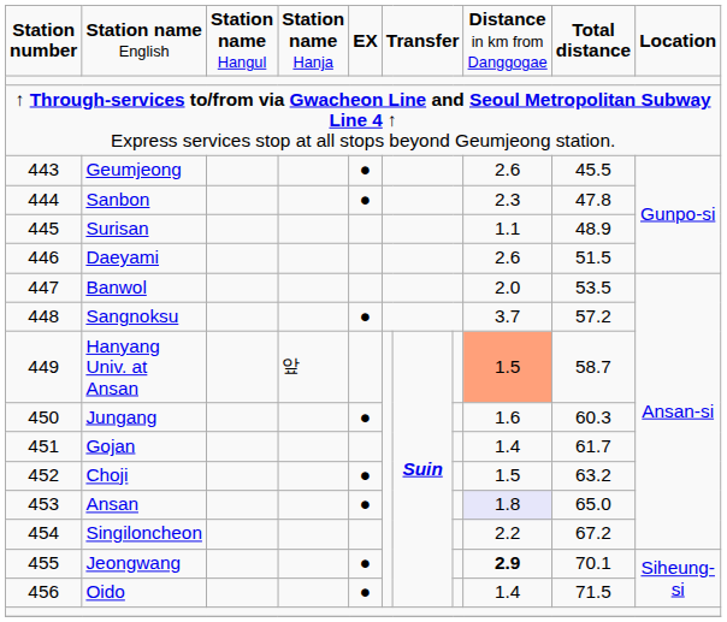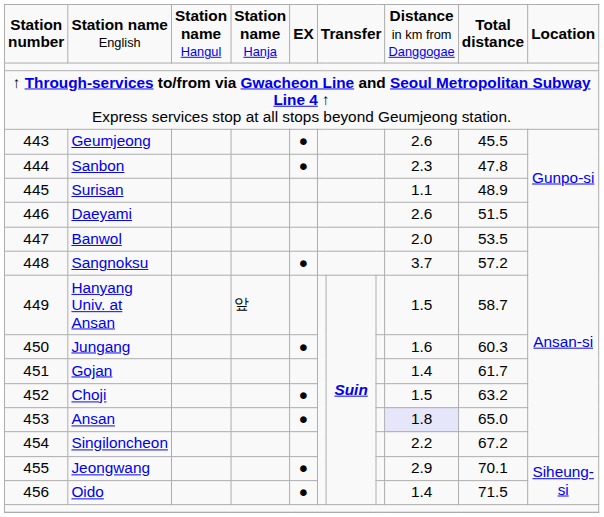 <table class="wikitable" style="text-align:center;">
 <tr>
 <td><strong>Station<br>number</strong></td>
 <td width="250pt"><strong>Station name</strong><br><small>English</small></td>
 <td width="150pt"><strong>Station name</strong><br><small><a href='#'>Hangul</a></small></td>
 <td width="150pt"><strong>Station name</strong><br><small><a href='#'>Hanja</a></small></td>
 <td><span><strong>EX</strong></span></td>
 <td colspan="3" width="150pt"><strong>Transfer</strong></td>
 <td><strong>Distance</strong><br><small>in km from <a href='#'>Danggogae</a></small></td>
 <td><strong>Total<br>distance</strong></td>
 <td colspan="2"><strong>Location</strong></td>
 </tr>
 <tr style="background:#">
 <td colspan="11"></td>
 </tr>
 <tr>
 <td colspan="11"><strong>↑ <a href='#'>Through-services</a> to/from  via <a href='#'>Gwacheon Line</a> and <a href='#'>Seoul Metropolitan Subway</a> <a href='#'>Line 4</a> ↑</strong><br>Express services stop at all stops beyond Geumjeong station.</td>
 </tr>
 <tr>
 <td>443</td>
 <td align="left"><a href='#'>Geumjeong</a></td>
 <td align="left"></td>
 <td align="left"></td>
 <td><span>●</span></td>
 <td colspan="3"></td>
 <td>2.6</td>
 <td>45.5</td>
 <td rowspan="4"><a href='#'>Gunpo-si</a></td>
 </tr>
 <tr>
 <td>444</td>
 <td align="left"><a href='#'>Sanbon</a></td>
 <td align="left"></td>
 <td align="left"></td>
 <td><span>●</span></td>
 <td colspan="3"></td>
 <td>2.3</td>
 <td>47.8</td>
 </tr>
 <tr>
 <td>445</td>
 <td align="left"><a href='#'>Surisan</a></td>
 <td align="left"></td>
 <td align="left"></td>
 <td><span></span></td>
 <td colspan="3"></td>
 <td>1.1</td>
 <td>48.9</td>
 </tr>
 <tr>
 <td>446</td>
 <td align="left"><a href='#'>Daeyami</a></td>
 <td align="left"></td>
 <td align="left"></td>
 <td><span></span></td>
 <td colspan="3"></td>
 <td>2.6</td>
 <td>51.5</td>
 </tr>
 <tr>
 <td>447</td>
 <td align="left"><a href='#'>Banwol</a></td>
 <td align="left"></td>
 <td align="left"></td>
 <td><span></span></td>
 <td colspan="3"></td>
 <td>2.0</td>
 <td>53.5</td>
 <td rowspan="8"><a href='#'>Ansan-si</a></td>
 </tr>
 <tr>
 <td>448</td>
 <td align="left"><a href='#'>Sangnoksu</a></td>
 <td align="left"></td>
 <td align="left"></td>
 <td><span>●</span></td>
 <td colspan="3"></td>
 <td>3.7</td>
 <td>57.2</td>
 </tr>
 <tr>
 <td>449</td>
 <td align="left"><a href='#'>Hanyang Univ. at Ansan</a></td>
 <td align="left"></td>
 <td align="left">앞</td>
 <td><span></span></td>
 <td rowspan="8" style="color:white;background-color:#"></td>
 <td rowspan="8"><strong><em><a href='#'>Suin</a><strong><br><em></td>
 <td></em> <em></td>
-<td style="background: lightsalmon;">1.5</td>
+<td>1.5</td>
 <td>58.7</td>
 </tr>
 <tr>
 <td>450</td>
 <td align="left"><a href='#'>Jungang</a></td>
 <td align="left"></td>
 <td align="left"></td>
 <td><span>●</span></td>
 <td></td>
 <td>1.6</td>
 <td>60.3</td>
 </tr>
 <tr>
 <td>451</td>
 <td align="left"><a href='#'>Gojan</a></td>
 <td align="left"></td>
 <td align="left"></td>
 <td><span></span></td>
 <td></td>
 <td>1.4</td>
 <td>61.7</td>
 </tr>
 <tr>
 <td>452</td>
 <td align="left"><a href='#'>Choji</a></td>
 <td align="left"></td>
 <td align="left"></td>
 <td><span>●</span></td>
 <td></td>
 <td>1.5</td>
 <td>63.2</td>
 </tr>
 <tr>
 <td>453</td>
 <td align="left"><a href='#'>Ansan</a></td>
 <td align="left"></td>
 <td align="left"></td>
 <td><span>●</span></td>
 <td><span></span></td>
 <td style="background: lavender;">1.8</td>
 <td>65.0</td>
 </tr>
 <tr>
 <td>454</td>
 <td align="left"><a href='#'>Singiloncheon</a></td>
 <td align="left"></td>
 <td align="left"></td>
 <td><span></span></td>
 <td></td>
 <td>2.2</td>
 <td>67.2</td>
 </tr>
 <tr>
 <td>455</td>
 <td align="left"><a href='#'>Jeongwang</a></td>
 <td align="left"></td>
 <td align="left"></td>
 <td><span>●</span></td>
 <td></td>
-<td><strong>2.9</strong></td>
+<td>2.9</td>
 <td>70.1</td>
 <td rowspan="2"><a href='#'>Siheung-si</a></td>
 </tr>
 <tr>
 <td>456</td>
 <td align="left"><a href='#'>Oido</a></td>
 <td align="left"></td>
 <td align="left"></td>
 <td><span>●</span></td>
 <td></td>
 <td>1.4</td>
 <td>71.5</td>
 </tr>
 <tr style="background:#">
 <td colspan="11"></td>
 </tr>
 <tr>
 </tr>
 </table>
